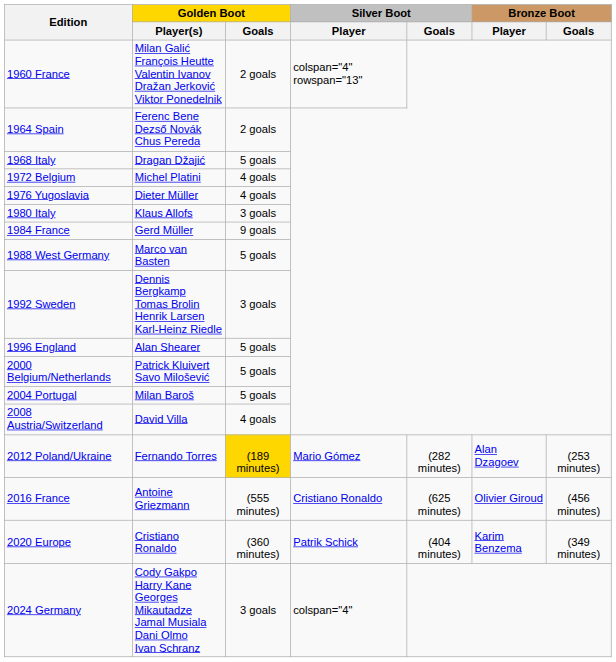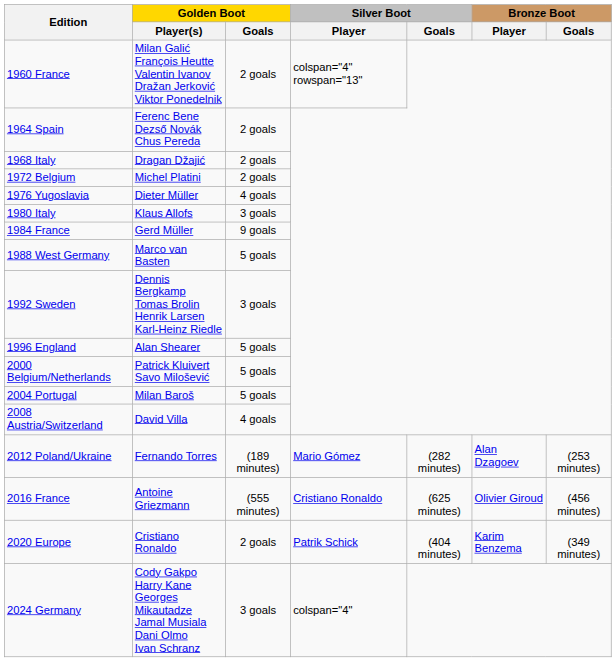 <table class="wikitable">
 <tr>
 <th rowspan="2">Edition</th>
 <th colspan="2" style="background-color:gold">Golden Boot</th>
 <th colspan="2" style="background-color:silver">Silver Boot</th>
 <th colspan="2" style="background-color:#CC9966">Bronze Boot</th>
 </tr>
 <tr>
 <th>Player(s)</th>
 <th>Goals</th>
 <th>Player</th>
 <th>Goals</th>
 <th>Player</th>
 <th>Goals</th>
 </tr>
 <tr>
 <td><a href='#'>1960 France</a></td>
 <td> <a href='#'>Milan Galić</a><br> <a href='#'>François Heutte</a><br> <a href='#'>Valentin Ivanov</a><br> <a href='#'>Dražan Jerković</a><br> <a href='#'>Viktor Ponedelnik</a></td>
 <td style="text-align:center">2 goals</td>
 <td>colspan="4" rowspan="13" </td>
 </tr>
 <tr>
 <td><a href='#'>1964 Spain</a></td>
 <td> <a href='#'>Ferenc Bene</a><br> <a href='#'>Dezső Novák</a><br> <a href='#'>Chus Pereda</a></td>
 <td style="text-align:center">2 goals</td>
 </tr>
 <tr>
 <td><a href='#'>1968 Italy</a></td>
 <td> <a href='#'>Dragan Džajić</a></td>
-<td style="text-align:center">5 goals</td>
+<td style="text-align:center">2 goals</td>
 </tr>
 <tr>
 <td><a href='#'>1972 Belgium</a></td>
 <td> <a href='#'>Michel Platini</a></td>
-<td style="text-align:center">4 goals</td>
+<td style="text-align:center">2 goals</td>
 </tr>
 <tr>
 <td><a href='#'>1976 Yugoslavia</a></td>
 <td> <a href='#'>Dieter Müller</a></td>
 <td style="text-align:center">4 goals</td>
 </tr>
 <tr>
 <td><a href='#'>1980 Italy</a></td>
 <td> <a href='#'>Klaus Allofs</a></td>
 <td style="text-align:center">3 goals</td>
 </tr>
 <tr>
 <td><a href='#'>1984 France</a></td>
 <td> <a href='#'>Gerd Müller</a></td>
 <td style="text-align:center">9 goals</td>
 </tr>
 <tr>
 <td><a href='#'>1988 West Germany</a></td>
 <td> <a href='#'>Marco van Basten</a></td>
 <td style="text-align:center">5 goals</td>
 </tr>
 <tr>
 <td><a href='#'>1992 Sweden</a></td>
 <td> <a href='#'>Dennis Bergkamp</a><br> <a href='#'>Tomas Brolin</a><br> <a href='#'>Henrik Larsen</a><br> <a href='#'>Karl-Heinz Riedle</a></td>
 <td style="text-align:center">3 goals</td>
 </tr>
 <tr>
 <td><a href='#'>1996 England</a></td>
 <td> <a href='#'>Alan Shearer</a></td>
 <td style="text-align:center">5 goals</td>
 </tr>
 <tr>
 <td><a href='#'>2000 Belgium/Netherlands</a></td>
 <td> <a href='#'>Patrick Kluivert</a><br> <a href='#'>Savo Milošević</a></td>
 <td style="text-align:center">5 goals</td>
 </tr>
 <tr>
 <td><a href='#'>2004 Portugal</a></td>
 <td> <a href='#'>Milan Baroš</a></td>
 <td style="text-align:center">5 goals</td>
 </tr>
 <tr>
 <td><a href='#'>2008 Austria/Switzerland</a></td>
 <td> <a href='#'>David Villa</a></td>
 <td style="text-align:center">4 goals</td>
 </tr>
 <tr>
 <td><a href='#'>2012 Poland/Ukraine</a></td>
 <td> <a href='#'>Fernando Torres</a></td>
-<td style="background: gold; text-align:center"><br>(189 minutes)</td>
+<td style="text-align:center"><br>(189 minutes)</td>
 <td> <a href='#'>Mario Gómez</a></td>
 <td style="text-align:center"><br>(282 minutes)</td>
 <td> <a href='#'>Alan Dzagoev</a></td>
 <td style="text-align:center"><br>(253 minutes)</td>
 </tr>
 <tr>
 <td><a href='#'>2016 France</a></td>
 <td> <a href='#'>Antoine Griezmann</a></td>
 <td style="text-align:center"><br>(555 minutes)</td>
 <td> <a href='#'>Cristiano Ronaldo</a></td>
 <td style="text-align:center"><br>(625 minutes)</td>
 <td> <a href='#'>Olivier Giroud</a></td>
 <td style="text-align:center"><br>(456 minutes)</td>
 </tr>
 <tr>
 <td><a href='#'>2020 Europe</a></td>
 <td> <a href='#'>Cristiano Ronaldo</a></td>
-<td style="text-align:center"><br>(360 minutes)</td>
+<td style="text-align:center">2 goals</td>
 <td> <a href='#'>Patrik Schick</a></td>
 <td style="text-align:center"><br>(404 minutes)</td>
 <td> <a href='#'>Karim Benzema</a></td>
 <td style="text-align:center"><br>(349 minutes)</td>
 </tr>
 <tr>
 <td><a href='#'>2024 Germany</a></td>
 <td> <a href='#'>Cody Gakpo</a><br> <a href='#'>Harry Kane</a><br> <a href='#'>Georges Mikautadze</a><br> <a href='#'>Jamal Musiala</a><br> <a href='#'>Dani Olmo</a><br> <a href='#'>Ivan Schranz</a></td>
 <td style="text-align:center">3 goals</td>
 <td>colspan="4" </td>
 </tr>
 </table>
